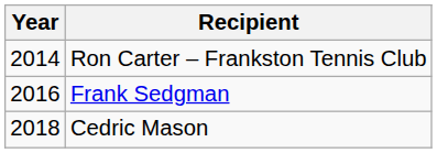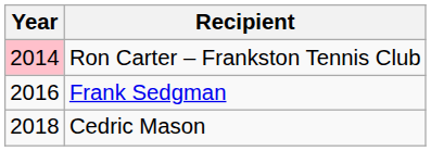 <table class="wikitable">
 <tr>
 <th>Year</th>
 <th>Recipient</th>
 </tr>
 <tr>
-<td>2014</td>
+<td style="background: pink;">2014</td>
 <td>Ron Carter – Frankston Tennis Club</td>
 </tr>
 <tr>
 <td>2016</td>
 <td><a href='#'>Frank Sedgman</a></td>
 </tr>
 <tr>
 <td>2018</td>
 <td>Cedric Mason</td>
 </tr>
 </table>
